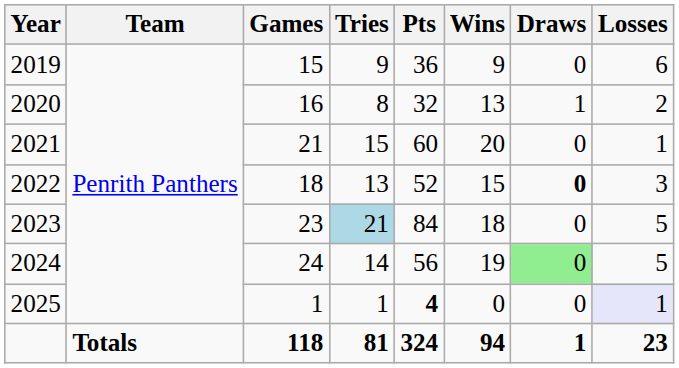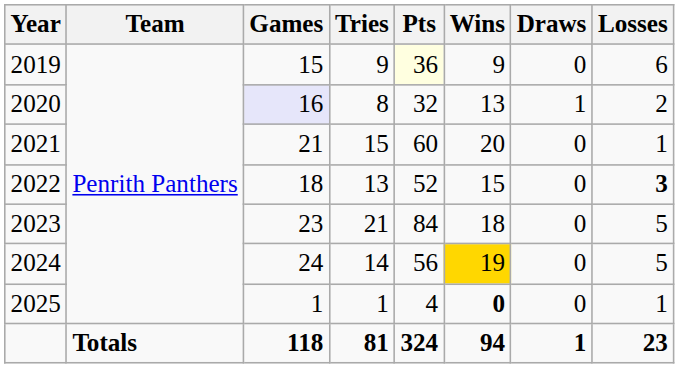 <table class="wikitable">
 <tr>
 <th>Year</th>
 <th>Team</th>
 <th>Games</th>
 <th>Tries</th>
 <th>Pts</th>
 <th>Wins</th>
 <th>Draws</th>
 <th>Losses</th>
 </tr>
 <tr>
 <td align=center>2019</td>
 <td rowspan=7> <a href='#'>Penrith Panthers</a></td>
 <td align=right>15</td>
 <td align=right>9</td>
-<td align=right>36</td>
+<td align=right style="background: lightyellow;">36</td>
 <td align=right>9</td>
 <td align=right>0</td>
 <td align=right>6</td>
 </tr>
 <tr>
 <td align=center>2020</td>
-<td align=right>16</td>
+<td align=right style="background: lavender;">16</td>
 <td align=right>8</td>
 <td align=right>32</td>
 <td align=right>13</td>
 <td align=right>1</td>
 <td align=right>2</td>
 </tr>
 <tr>
 <td align=center>2021</td>
 <td align=right>21</td>
 <td align=right>15</td>
 <td align=right>60</td>
 <td align=right>20</td>
 <td align=right>0</td>
 <td align=right>1</td>
 </tr>
 <tr>
 <td align=center>2022</td>
 <td align=right>18</td>
 <td align=right>13</td>
 <td align=right>52</td>
 <td align=right>15</td>
-<td align=right><strong>0</strong></td>
-<td align=right>3</td>
+<td align=right>0</td>
+<td align=right><strong>3</strong></td>
 </tr>
 <tr>
 <td align=center>2023</td>
 <td align=right>23</td>
-<td align=right style="background: lightblue;">21</td>
+<td align=right>21</td>
 <td align=right>84</td>
 <td align=right>18</td>
 <td align=right>0</td>
 <td align=right>5</td>
 </tr>
 <tr>
 <td align=center>2024</td>
 <td align=right>24</td>
 <td align=right>14</td>
 <td align=right>56</td>
-<td align=right>19</td>
-<td align=right style="background: lightgreen;">0</td>
+<td align=right style="background: gold;">19</td>
+<td align=right>0</td>
 <td align=right>5</td>
 </tr>
 <tr>
 <td align=center>2025</td>
 <td align=right>1</td>
 <td align=right>1</td>
-<td align=right><strong>4</strong></td>
+<td align=right>4</td>
+<td align=right><strong>0</strong></td>
 <td align=right>0</td>
-<td align=right>0</td>
-<td align=right style="background: lavender;">1</td>
+<td align=right>1</td>
 </tr>
 <tr>
 <td></td>
 <td align=left><strong>Totals</strong></td>
 <td align=right><strong>118</strong></td>
 <td align=right><strong>81</strong></td>
 <td align=right><strong>324</strong></td>
 <td align=right><strong>94</strong></td>
 <td align=right><strong>1</strong></td>
 <td align=right><strong>23</strong></td>
 </tr>
 </table>
